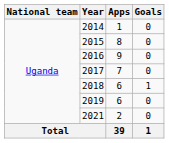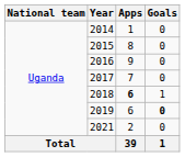 <table class="wikitable" style="text-align:center">
 <tr>
 <th>National team</th>
 <th>Year</th>
 <th>Apps</th>
 <th>Goals</th>
 </tr>
 <tr>
 <td rowspan="7"><a href='#'>Uganda</a></td>
 <td>2014</td>
 <td>1</td>
 <td>0</td>
 </tr>
 <tr>
 <td>2015</td>
 <td>8</td>
 <td>0</td>
 </tr>
 <tr>
 <td>2016</td>
 <td>9</td>
 <td>0</td>
 </tr>
 <tr>
 <td>2017</td>
 <td>7</td>
 <td>0</td>
 </tr>
 <tr>
 <td>2018</td>
-<td>6</td>
+<td><strong>6</strong></td>
 <td>1</td>
 </tr>
 <tr>
 <td>2019</td>
 <td>6</td>
-<td>0</td>
+<td><strong>0</strong></td>
 </tr>
 <tr>
 <td>2021</td>
 <td>2</td>
 <td>0</td>
 </tr>
 <tr>
 <th colspan="2">Total</th>
 <th>39</th>
 <th>1</th>
 </tr>
 </table>
